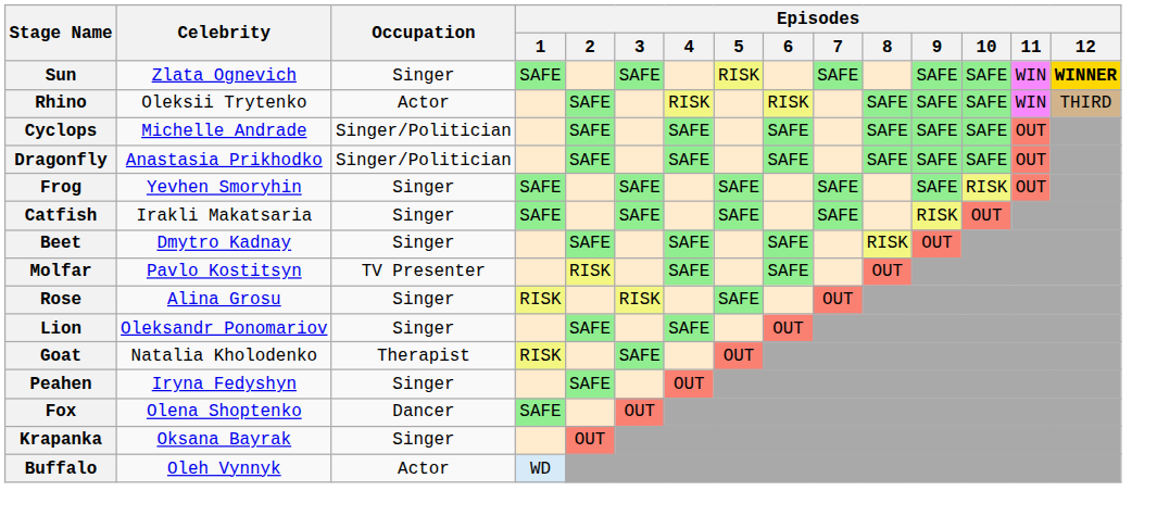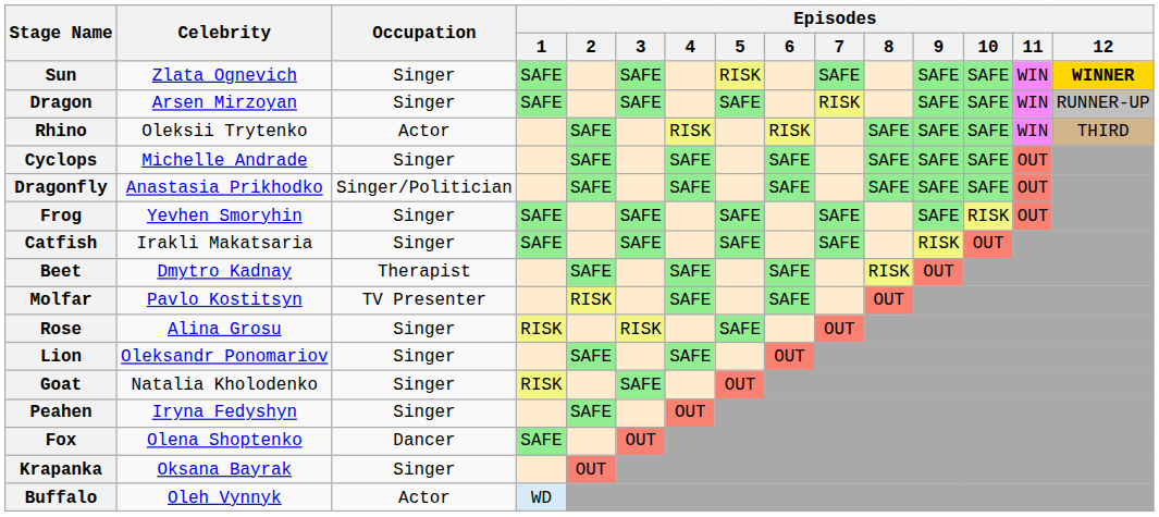 <table class="wikitable" style="text-align:center">
 <tr>
 <th rowspan="2">Stage Name</th>
 <th rowspan="2">Celebrity</th>
 <th rowspan="2">Occupation</th>
 <th colspan="12">Episodes</th>
 </tr>
 <tr>
 <th>1</th>
 <th>2</th>
 <th>3</th>
 <th>4</th>
 <th>5</th>
 <th>6</th>
 <th>7</th>
 <th>8</th>
 <th>9</th>
 <th>10</th>
 <th>11</th>
 <th>12</th>
 </tr>
 <tr>
 <th>Sun</th>
 <td><a href='#'>Zlata Ognevich</a></td>
 <td>Singer</td>
 <td bgcolor=lightgreen>SAFE</td>
 <td bgcolor=#FFEBCD></td>
 <td bgcolor=lightgreen>SAFE</td>
 <td bgcolor=#FFEBCD></td>
 <td bgcolor="#F3F781">RISK</td>
 <td bgcolor=#FFEBCD></td>
 <td bgcolor=lightgreen>SAFE</td>
 <td bgcolor=#FFEBCD></td>
 <td bgcolor=lightgreen>SAFE</td>
 <td bgcolor=lightgreen>SAFE</td>
 <td bgcolor="F888FD">WIN</td>
 <td bgcolor=gold><strong>WINNER</strong></td>
 </tr>
 <tr>
+<th>Dragon</th>
+<td><a href='#'>Arsen Mirzoyan</a></td>
+<td>Singer</td>
+<td bgcolor=lightgreen>SAFE</td>
+<td bgcolor=#FFEBCD></td>
+<td bgcolor=lightgreen>SAFE</td>
+<td bgcolor=#FFEBCD></td>
+<td bgcolor=lightgreen>SAFE</td>
+<td bgcolor=#FFEBCD></td>
+<td bgcolor="#F3F781">RISK</td>
+<td bgcolor=#FFEBCD></td>
+<td bgcolor=lightgreen>SAFE</td>
+<td bgcolor=lightgreen>SAFE</td>
+<td bgcolor="F888FD">WIN</td>
+<td bgcolor=silver>RUNNER-UP</td>
+</tr>
+<tr>
 <th>Rhino</th>
 <td>Oleksii Trytenko</td>
 <td>Actor</td>
 <td bgcolor=#FFEBCD></td>
 <td bgcolor=lightgreen>SAFE</td>
 <td bgcolor=#FFEBCD></td>
 <td bgcolor="#F3F781">RISK</td>
 <td bgcolor=#FFEBCD></td>
 <td bgcolor="#F3F781">RISK</td>
 <td bgcolor=#FFEBCD></td>
 <td bgcolor=lightgreen>SAFE</td>
 <td bgcolor=lightgreen>SAFE</td>
 <td bgcolor=lightgreen>SAFE</td>
 <td bgcolor="F888FD">WIN</td>
 <td bgcolor=tan>THIRD</td>
 </tr>
 <tr>
 <th>Cyclops</th>
 <td><a href='#'>Michelle Andrade</a></td>
-<td>Singer/Politician</td>
+<td>Singer</td>
 <td bgcolor=#FFEBCD></td>
 <td bgcolor=lightgreen>SAFE</td>
 <td bgcolor=#FFEBCD></td>
 <td bgcolor=lightgreen>SAFE</td>
 <td bgcolor=#FFEBCD></td>
 <td bgcolor=lightgreen>SAFE</td>
 <td bgcolor=#FFEBCD></td>
 <td bgcolor=lightgreen>SAFE</td>
 <td bgcolor=lightgreen>SAFE</td>
 <td bgcolor=lightgreen>SAFE</td>
 <td bgcolor=salmon>OUT</td>
 <td style="background:darkgrey"></td>
 </tr>
 <tr>
 <th>Dragonfly</th>
 <td><a href='#'>Anastasia Prikhodko</a></td>
 <td>Singer/Politician</td>
 <td bgcolor=#FFEBCD></td>
 <td bgcolor=lightgreen>SAFE</td>
 <td bgcolor=#FFEBCD></td>
 <td bgcolor=lightgreen>SAFE</td>
 <td bgcolor=#FFEBCD></td>
 <td bgcolor=lightgreen>SAFE</td>
 <td bgcolor=#FFEBCD></td>
 <td bgcolor=lightgreen>SAFE</td>
 <td bgcolor=lightgreen>SAFE</td>
 <td bgcolor=lightgreen>SAFE</td>
 <td bgcolor=salmon>OUT</td>
 <td style="background:darkgrey"></td>
 </tr>
 <tr>
 <th>Frog</th>
 <td><a href='#'>Yevhen Smoryhin</a></td>
 <td>Singer</td>
 <td bgcolor=lightgreen>SAFE</td>
 <td bgcolor=#FFEBCD></td>
 <td bgcolor=lightgreen>SAFE</td>
 <td bgcolor=#FFEBCD></td>
 <td bgcolor=lightgreen>SAFE</td>
 <td bgcolor=#FFEBCD></td>
 <td bgcolor=lightgreen>SAFE</td>
 <td bgcolor=#FFEBCD></td>
 <td bgcolor=lightgreen>SAFE</td>
 <td bgcolor="#F3F781">RISK</td>
 <td bgcolor=salmon>OUT</td>
 <td style="background:darkgrey"></td>
 </tr>
 <tr>
 <th>Catfish</th>
 <td>Irakli Makatsaria</td>
 <td>Singer</td>
 <td bgcolor=lightgreen>SAFE</td>
 <td bgcolor=#FFEBCD></td>
 <td bgcolor=lightgreen>SAFE</td>
 <td bgcolor=#FFEBCD></td>
 <td bgcolor=lightgreen>SAFE</td>
 <td bgcolor=#FFEBCD></td>
 <td bgcolor=lightgreen>SAFE</td>
 <td bgcolor=#FFEBCD></td>
 <td bgcolor="#F3F781">RISK</td>
 <td bgcolor=salmon>OUT</td>
 <td colspan="2" style="background:darkgrey"></td>
 </tr>
 <tr>
 <th>Beet</th>
 <td><a href='#'>Dmytro Kadnay</a></td>
-<td>Singer</td>
+<td>Therapist</td>
 <td bgcolor=#FFEBCD></td>
 <td bgcolor=lightgreen>SAFE</td>
 <td bgcolor=#FFEBCD></td>
 <td bgcolor=lightgreen>SAFE</td>
 <td bgcolor=#FFEBCD></td>
 <td bgcolor=lightgreen>SAFE</td>
 <td bgcolor=#FFEBCD></td>
 <td bgcolor="#F3F781">RISK</td>
 <td bgcolor=salmon>OUT</td>
 <td colspan="3" style="background:darkgrey"></td>
 </tr>
 <tr>
 <th>Molfar</th>
 <td><a href='#'>Pavlo Kostitsyn</a></td>
 <td>TV Presenter</td>
 <td bgcolor=#FFEBCD></td>
 <td bgcolor="#F3F781">RISK</td>
 <td bgcolor=#FFEBCD></td>
 <td bgcolor=lightgreen>SAFE</td>
 <td bgcolor=#FFEBCD></td>
 <td bgcolor=lightgreen>SAFE</td>
 <td bgcolor=#FFEBCD></td>
 <td bgcolor=salmon>OUT</td>
 <td colspan="4" style="background:darkgrey"></td>
 </tr>
 <tr>
 <th>Rose</th>
 <td><a href='#'>Alina Grosu</a></td>
 <td>Singer</td>
 <td bgcolor="#F3F781">RISK</td>
 <td bgcolor=#FFEBCD></td>
 <td bgcolor="#F3F781">RISK</td>
 <td bgcolor=#FFEBCD></td>
 <td bgcolor=lightgreen>SAFE</td>
 <td bgcolor=#FFEBCD></td>
 <td bgcolor=salmon>OUT</td>
 <td colspan="5" style="background:darkgrey"></td>
 </tr>
 <tr>
 <th>Lion</th>
 <td><a href='#'>Oleksandr Ponomariov</a></td>
 <td>Singer</td>
 <td bgcolor=#FFEBCD></td>
 <td bgcolor=lightgreen>SAFE</td>
 <td bgcolor=#FFEBCD></td>
 <td bgcolor=lightgreen>SAFE</td>
 <td bgcolor=#FFEBCD></td>
 <td bgcolor=salmon>OUT</td>
 <td colspan="6" style="background:darkgrey"></td>
 </tr>
 <tr>
 <th>Goat</th>
 <td>Natalia Kholodenko</td>
-<td>Therapist</td>
+<td>Singer</td>
 <td bgcolor="#F3F781">RISK</td>
 <td bgcolor=#FFEBCD></td>
 <td bgcolor=lightgreen>SAFE</td>
 <td bgcolor=#FFEBCD></td>
 <td bgcolor=salmon>OUT</td>
 <td colspan="7" style="background:darkgrey"></td>
 </tr>
 <tr>
 <th>Peahen</th>
 <td><a href='#'>Iryna Fedyshyn</a></td>
 <td>Singer</td>
 <td bgcolor=#FFEBCD></td>
 <td bgcolor=lightgreen>SAFE</td>
 <td bgcolor=#FFEBCD></td>
 <td bgcolor=salmon>OUT</td>
 <td colspan="8" style="background:darkgrey"></td>
 </tr>
 <tr>
 <th>Fox</th>
 <td><a href='#'>Olena Shoptenko</a></td>
 <td>Dancer</td>
 <td bgcolor=lightgreen>SAFE</td>
 <td bgcolor=#FFEBCD></td>
 <td bgcolor=salmon>OUT</td>
 <td colspan="9" style="background:darkgrey"></td>
 </tr>
 <tr>
 <th>Krapanka</th>
 <td><a href='#'>Oksana Bayrak</a></td>
 <td>Singer</td>
 <td bgcolor=#FFEBCD></td>
 <td bgcolor=salmon>OUT</td>
 <td colspan="10" style="background:darkgrey"></td>
 </tr>
 <tr>
 <th>Buffalo</th>
 <td><a href='#'>Oleh Vynnyk</a></td>
 <td>Actor</td>
 <td bgcolor="#D6EAF8">WD</td>
 <td colspan="11" style="background:darkgrey"></td>
 </tr>
 </table>
